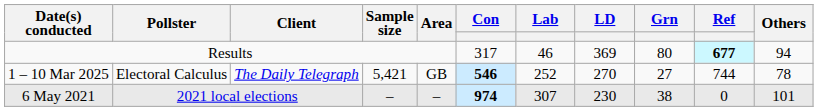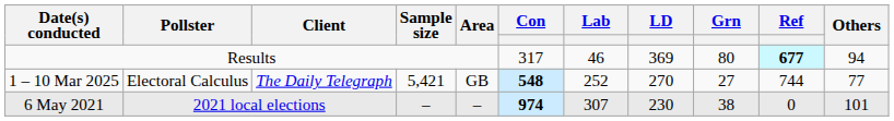 <table class="wikitable sortable mw-datatable" style="text-align:center; font-size:90%; line-height:14px;">
 <tr>
 <th rowspan="2">Date(s)<br>conducted</th>
 <th rowspan="2">Pollster</th>
 <th rowspan="2">Client</th>
 <th rowspan="2" data-sort-type="number">Sample<br>size</th>
 <th rowspan="2">Area</th>
 <th class="unsortable" style="width:50px;"><a href='#'>Con</a></th>
 <th class="unsortable" style="width:50px;"><a href='#'>Lab</a></th>
 <th class="unsortable" style="width:50px;"><a href='#'>LD</a></th>
 <th class="unsortable" style="width:50px;"><a href='#'>Grn</a></th>
 <th class="unsortable" style="width:50px;"><a href='#'>Ref</a></th>
 <th rowspan="2" class="unsortable" style="width:50px;">Others</th>
 </tr>
 <tr>
 <th data-sort-type="number" style="background:"></th>
 <th data-sort-type="number" style="background:"></th>
 <th data-sort-type="number" style="background:"></th>
 <th data-sort-type="number" style="background:"></th>
 <th data-sort-type="number" style="background:"></th>
 </tr>
 <tr>
 <td colspan="5">Results</td>
 <td>317</td>
 <td>46</td>
 <td>369</td>
 <td>80</td>
 <td style="background:#ccf8ff; color: black;"><strong>677</strong></td>
 <td>94</td>
 </tr>
 <tr>
 <td data-sort-value="2025-03-10">1 – 10 Mar 2025</td>
 <td>Electoral Calculus</td>
 <td><em><a href='#'>The Daily Telegraph</a></em></td>
 <td>5,421</td>
 <td>GB</td>
-<td style="background:#CCEBFF;"><strong>546</strong></td>
+<td style="background:#CCEBFF;"><strong>548</strong></td>
 <td>252</td>
 <td>270</td>
 <td>27</td>
 <td>744</td>
-<td>78</td>
+<td>77</td>
 </tr>
 <tr>
 <td style="background:#e9e9e9;">6 May 2021</td>
 <td colspan="2" style="background:#e9e9e9;"><a href='#'>2021 local elections</a></td>
 <td style="background:#e9e9e9;">–</td>
 <td style="background:#e9e9e9;">–</td>
 <td style="background:#CCEBFF;"><strong>974</strong></td>
 <td style="background:#e9e9e9;">307</td>
 <td style="background:#e9e9e9;">230</td>
 <td style="background:#e9e9e9;">38</td>
 <td style="background:#e9e9e9;">0</td>
 <td style="background:#e9e9e9;">101</td>
 </tr>
 </table>
